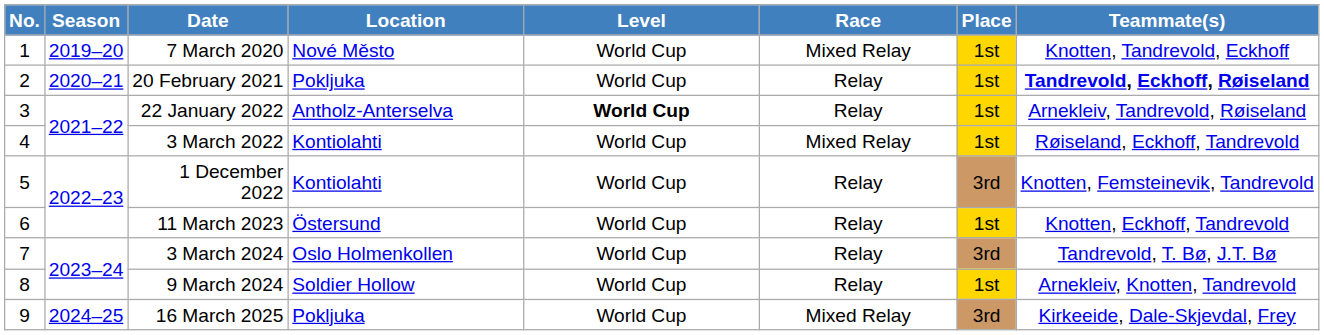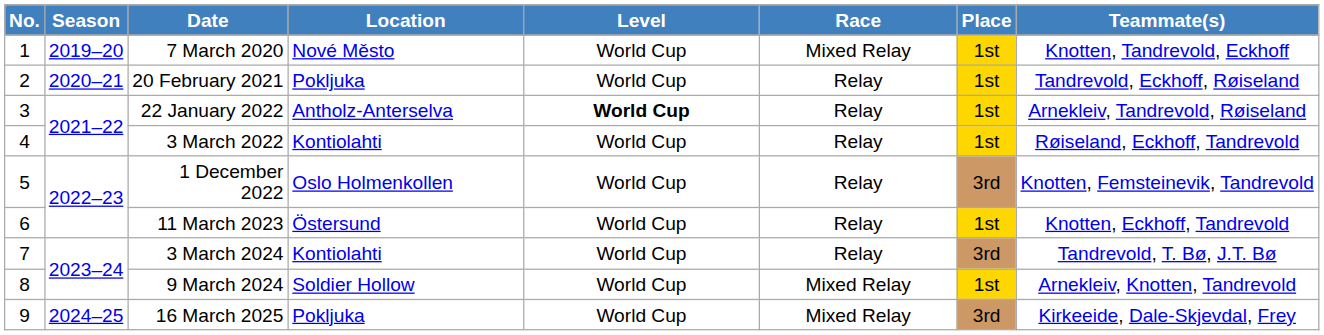 <table class="wikitable sortable" style="font-size:95%; text-align:center; border:grey solid 1px; border-collapse:collapse; background:#ffffff;">
 <tr style="background:#efefef;">
 <th style="background-color:#4180be; color:white;">No.</th>
 <th style="background-color:#4180be; color:white;">Season</th>
 <th style="background-color:#4180be; color:white; width:120px;">Date</th>
 <th style="background-color:#4180be; color:white; width:180px;">Location</th>
 <th style="background-color:#4180be; color:white; width:180px;">Level</th>
 <th style="background-color:#4180be; color:white; width:150px;">Race</th>
 <th style="background-color:#4180be; color:white;">Place</th>
 <th style="background-color:#4180be; color:white;">Teammate(s)</th>
 </tr>
 <tr>
 <td align=center>1</td>
 <td rowspan=1 align=center><a href='#'>2019–20</a></td>
 <td align=right>7 March 2020</td>
 <td align=left> <a href='#'>Nové Město</a></td>
 <td>World Cup</td>
 <td>Mixed Relay</td>
 <td bgcolor="gold">1st</td>
 <td><a href='#'>Knotten</a>, <a href='#'>Tandrevold</a>, <a href='#'>Eckhoff</a></td>
 </tr>
 <tr>
 <td align=center>2</td>
 <td rowspan=1 align=center><a href='#'>2020–21</a></td>
 <td align=right>20 February 2021</td>
 <td align=left> <a href='#'>Pokljuka</a></td>
 <td>World Cup</td>
 <td>Relay</td>
 <td bgcolor="gold">1st</td>
-<td><strong><a href='#'>Tandrevold</a>, <a href='#'>Eckhoff</a>, <a href='#'>Røiseland</a></strong></td>
+<td><a href='#'>Tandrevold</a>, <a href='#'>Eckhoff</a>, <a href='#'>Røiseland</a></td>
 </tr>
 <tr>
 <td align=center>3</td>
 <td rowspan=2 align=center><a href='#'>2021–22</a></td>
 <td align=right>22 January 2022</td>
 <td align=left> <a href='#'>Antholz-Anterselva</a></td>
 <td><strong>World Cup</strong></td>
 <td>Relay</td>
 <td bgcolor="gold">1st</td>
 <td><a href='#'>Arnekleiv</a>, <a href='#'>Tandrevold</a>, <a href='#'>Røiseland</a></td>
 </tr>
 <tr>
 <td align=center>4</td>
 <td align=right>3 March 2022</td>
 <td align=left> <a href='#'>Kontiolahti</a></td>
 <td>World Cup</td>
-<td>Mixed Relay</td>
+<td>Relay</td>
 <td bgcolor="gold">1st</td>
 <td><a href='#'>Røiseland</a>, <a href='#'>Eckhoff</a>, <a href='#'>Tandrevold</a></td>
 </tr>
 <tr>
 <td align=center>5</td>
 <td rowspan=2 align=center><a href='#'>2022–23</a></td>
 <td align=right>1 December 2022</td>
-<td align=left> <a href='#'>Kontiolahti</a></td>
+<td align=left> <a href='#'>Oslo Holmenkollen</a></td>
 <td>World Cup</td>
 <td>Relay</td>
 <td align=center bgcolor="cc9966">3rd</td>
 <td><a href='#'>Knotten</a>, <a href='#'>Femsteinevik</a>, <a href='#'>Tandrevold</a></td>
 </tr>
 <tr>
 <td align=center>6</td>
 <td align=right>11 March 2023</td>
 <td align=left> <a href='#'>Östersund</a></td>
 <td>World Cup</td>
 <td>Relay</td>
 <td bgcolor="gold">1st</td>
 <td><a href='#'>Knotten</a>, <a href='#'>Eckhoff</a>, <a href='#'>Tandrevold</a></td>
 </tr>
 <tr>
 <td align=center>7</td>
 <td rowspan=2 align=center><a href='#'>2023–24</a></td>
 <td align=right>3 March 2024</td>
-<td align=left> <a href='#'>Oslo Holmenkollen</a></td>
+<td align=left> <a href='#'>Kontiolahti</a></td>
 <td>World Cup</td>
 <td>Relay</td>
 <td align=center bgcolor="cc9966">3rd</td>
 <td><a href='#'>Tandrevold</a>, <a href='#'>T. Bø</a>, <a href='#'>J.T. Bø</a></td>
 </tr>
 <tr>
 <td align=center>8</td>
 <td align=right>9 March 2024</td>
 <td align=left> <a href='#'>Soldier Hollow</a></td>
 <td>World Cup</td>
-<td>Relay</td>
+<td>Mixed Relay</td>
 <td bgcolor="gold">1st</td>
 <td><a href='#'>Arnekleiv</a>, <a href='#'>Knotten</a>, <a href='#'>Tandrevold</a></td>
 </tr>
 <tr>
 <td align=center>9</td>
 <td rowspan=1 align=center><a href='#'>2024–25</a></td>
 <td align=right>16 March 2025</td>
 <td align=left> <a href='#'>Pokljuka</a></td>
 <td>World Cup</td>
 <td>Mixed Relay</td>
 <td bgcolor="cc9966">3rd</td>
 <td><a href='#'>Kirkeeide</a>, <a href='#'>Dale-Skjevdal</a>, <a href='#'>Frey</a></td>
 </tr>
 </table>
